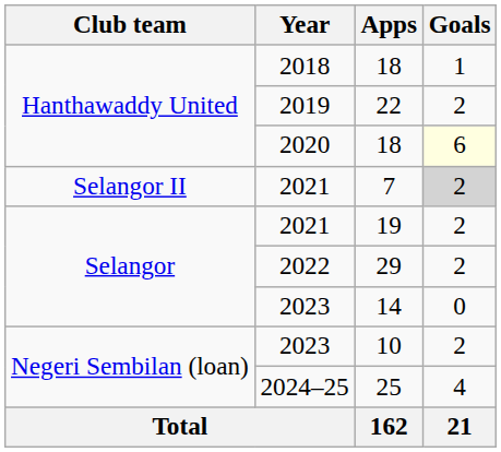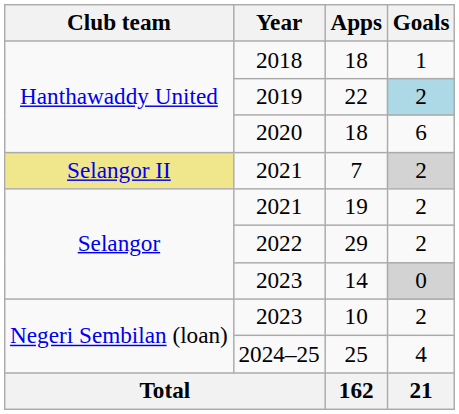 <table class="wikitable" style="text-align: center;">
 <tr>
 <th>Club team</th>
 <th>Year</th>
 <th>Apps</th>
 <th>Goals</th>
 </tr>
 <tr>
 <td rowspan="3"><a href='#'>Hanthawaddy United</a></td>
 <td>2018</td>
 <td>18</td>
 <td>1</td>
 </tr>
 <tr>
 <td>2019</td>
 <td>22</td>
-<td>2</td>
+<td style="background: lightblue;">2</td>
 </tr>
 <tr>
 <td>2020</td>
 <td>18</td>
-<td style="background: lightyellow;">6</td>
+<td>6</td>
 </tr>
 <tr>
-<td rowspan="1"><a href='#'>Selangor II</a></td>
+<td rowspan="1" style="background: khaki;"><a href='#'>Selangor II</a></td>
 <td>2021</td>
 <td>7</td>
 <td style="background: lightgrey;">2</td>
 </tr>
 <tr>
 <td rowspan="3"><a href='#'>Selangor</a></td>
 <td>2021</td>
 <td>19</td>
 <td>2</td>
 </tr>
 <tr>
 <td>2022</td>
 <td>29</td>
 <td>2</td>
 </tr>
 <tr>
 <td>2023</td>
 <td>14</td>
-<td>0</td>
+<td style="background: lightgrey;">0</td>
 </tr>
 <tr>
 <td rowspan="2"><a href='#'>Negeri Sembilan</a> (loan)</td>
 <td>2023</td>
 <td>10</td>
 <td>2</td>
 </tr>
 <tr>
 <td>2024–25</td>
 <td>25</td>
 <td>4</td>
 </tr>
 <tr>
 <th colspan="2">Total</th>
 <th>162</th>
 <th>21</th>
 </tr>
 </table>
